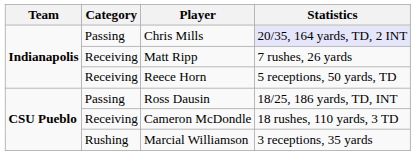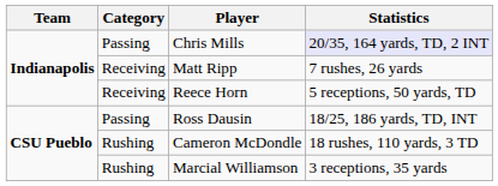 <table class="wikitable" style="float: right;">
 <tr>
 <th>Team</th>
 <th>Category</th>
 <th>Player</th>
 <th>Statistics</th>
 </tr>
 <tr>
 <td rowspan=3><strong>Indianapolis</strong></td>
 <td>Passing</td>
 <td>Chris Mills</td>
 <td style="background: lavender;">20/35, 164 yards, TD, 2 INT</td>
 </tr>
 <tr>
 <td>Receiving</td>
 <td>Matt Ripp</td>
 <td>7 rushes, 26 yards</td>
 </tr>
 <tr>
 <td>Receiving</td>
 <td>Reece Horn</td>
 <td>5 receptions, 50 yards, TD</td>
 </tr>
 <tr>
 <td rowspan=3><strong>CSU Pueblo</strong></td>
 <td>Passing</td>
 <td>Ross Dausin</td>
 <td>18/25, 186 yards, TD, INT</td>
 </tr>
 <tr>
-<td>Receiving</td>
+<td>Rushing</td>
 <td>Cameron McDondle</td>
 <td>18 rushes, 110 yards, 3 TD</td>
 </tr>
 <tr>
 <td>Rushing</td>
 <td>Marcial Williamson</td>
 <td>3 receptions, 35 yards</td>
 </tr>
 </table>
